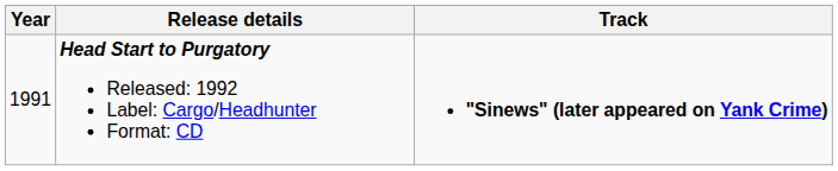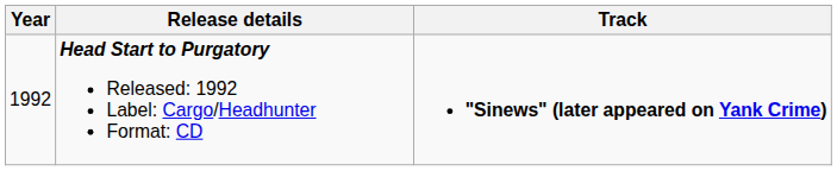 <table class ="wikitable">
 <tr>
 <th>Year</th>
 <th style="width:300px;">Release details</th>
 <th>Track</th>
 </tr>
 <tr>
-<td>1991</td>
+<td>1992</td>
 <td><strong><em>Head Start to Purgatory</em></strong><br><ul><li>Released: 1992</li><li>Label: <a href='#'>Cargo</a>/<a href='#'>Headhunter</a></li><li>Format: <a href='#'>CD</a></li></ul></td>
 <td><strong><br><ul><li>"Sinews" (later appeared on <a href='#'>Yank Crime</a>)</li></ul></strong></td>
 </tr>
 </table>
